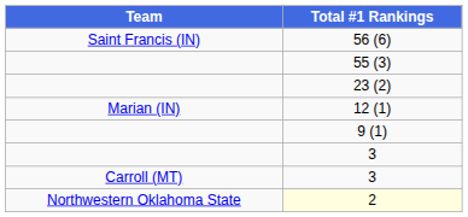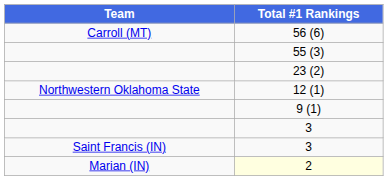 <table class="wikitable" style="width:40%;">
 <tr>
 <th style="background:#4169E1; color:white;">Team</th>
 <th style="background:#4169E1; color:white;">Total #1 Rankings</th>
 </tr>
 <tr style="text-align:center;">
-<td><a href='#'>Saint Francis (IN)</a></td>
+<td><a href='#'>Carroll (MT)</a></td>
 <td>56 (6)</td>
 </tr>
 <tr style="text-align:center;">
 <td></td>
 <td>55 (3)</td>
 </tr>
 <tr style="text-align:center;">
 <td></td>
 <td>23 (2)</td>
 </tr>
 <tr style="text-align:center;">
-<td><a href='#'>Marian (IN)</a></td>
+<td><a href='#'>Northwestern Oklahoma State</a></td>
 <td>12 (1)</td>
 </tr>
 <tr style="text-align:center;">
 <td></td>
 <td>9 (1)</td>
 </tr>
 <tr style="text-align:center;">
 <td></td>
 <td>3</td>
 </tr>
 <tr style="text-align:center;">
-<td><a href='#'>Carroll (MT)</a></td>
+<td><a href='#'>Saint Francis (IN)</a></td>
 <td>3</td>
 </tr>
 <tr style="text-align:center;">
-<td><a href='#'>Northwestern Oklahoma State</a></td>
+<td><a href='#'>Marian (IN)</a></td>
 <td style="background: lightyellow;">2</td>
 </tr>
 </table>
